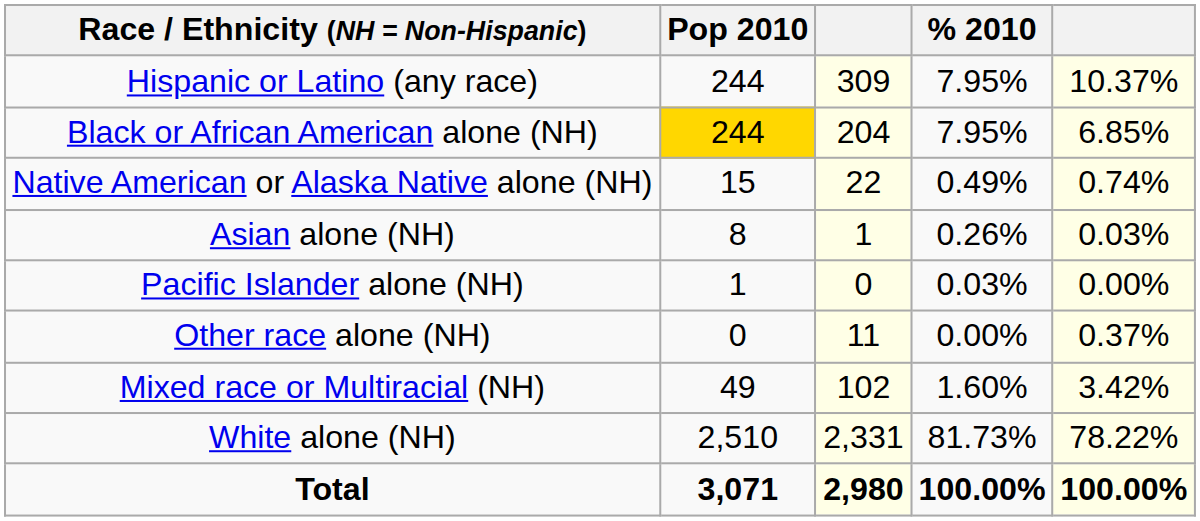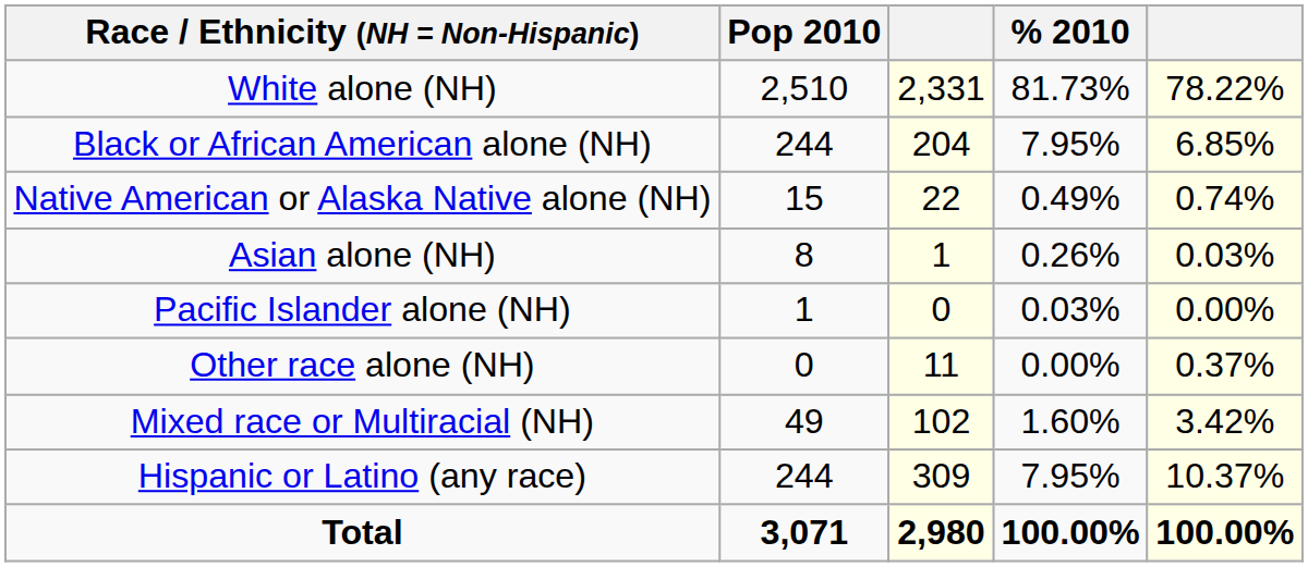 <table class="wikitable" style="text-align:center;">
 <tr>
 <th>Race / Ethnicity <small>(<em>NH = Non-Hispanic</em>)</small></th>
 <th>Pop 2010</th>
 <th></th>
 <th>% 2010</th>
 <th></th>
 </tr>
 <tr>
-<td><a href='#'>Hispanic or Latino</a> (any race)</td>
-<td>244</td>
-<td style='background: #ffffe6;'>309</td>
-<td>7.95%</td>
-<td style='background: #ffffe6;'>10.37%</td>
+<td><a href='#'>White</a> alone (NH)</td>
+<td>2,510</td>
+<td style='background: #ffffe6;'>2,331</td>
+<td>81.73%</td>
+<td style='background: #ffffe6;'>78.22%</td>
 </tr>
 <tr>
 <td><a href='#'>Black or African American</a> alone (NH)</td>
-<td style="background: gold;">244</td>
+<td>244</td>
 <td style='background: #ffffe6;'>204</td>
 <td>7.95%</td>
 <td style='background: #ffffe6;'>6.85%</td>
 </tr>
 <tr>
 <td><a href='#'>Native American</a> or <a href='#'>Alaska Native</a> alone (NH)</td>
 <td>15</td>
 <td style='background: #ffffe6;'>22</td>
 <td>0.49%</td>
 <td style='background: #ffffe6;'>0.74%</td>
 </tr>
 <tr>
 <td><a href='#'>Asian</a> alone (NH)</td>
 <td>8</td>
 <td style='background: #ffffe6;'>1</td>
 <td>0.26%</td>
 <td style='background: #ffffe6;'>0.03%</td>
 </tr>
 <tr>
 <td><a href='#'>Pacific Islander</a> alone (NH)</td>
 <td>1</td>
 <td style='background: #ffffe6;'>0</td>
 <td>0.03%</td>
 <td style='background: #ffffe6;'>0.00%</td>
 </tr>
 <tr>
 <td><a href='#'>Other race</a> alone (NH)</td>
 <td>0</td>
 <td style='background: #ffffe6;'>11</td>
 <td>0.00%</td>
 <td style='background: #ffffe6;'>0.37%</td>
 </tr>
 <tr>
 <td><a href='#'>Mixed race or Multiracial</a> (NH)</td>
 <td>49</td>
 <td style='background: #ffffe6;'>102</td>
 <td>1.60%</td>
 <td style='background: #ffffe6;'>3.42%</td>
 </tr>
 <tr>
-<td><a href='#'>White</a> alone (NH)</td>
-<td>2,510</td>
-<td style='background: #ffffe6;'>2,331</td>
-<td>81.73%</td>
-<td style='background: #ffffe6;'>78.22%</td>
+<td><a href='#'>Hispanic or Latino</a> (any race)</td>
+<td>244</td>
+<td style='background: #ffffe6;'>309</td>
+<td>7.95%</td>
+<td style='background: #ffffe6;'>10.37%</td>
 </tr>
 <tr>
 <td><strong>Total</strong></td>
 <td><strong>3,071</strong></td>
 <td style='background: #ffffe6;'><strong>2,980</strong></td>
 <td><strong>100.00%</strong></td>
 <td style='background: #ffffe6;'><strong>100.00%</strong></td>
 </tr>
 </table>
